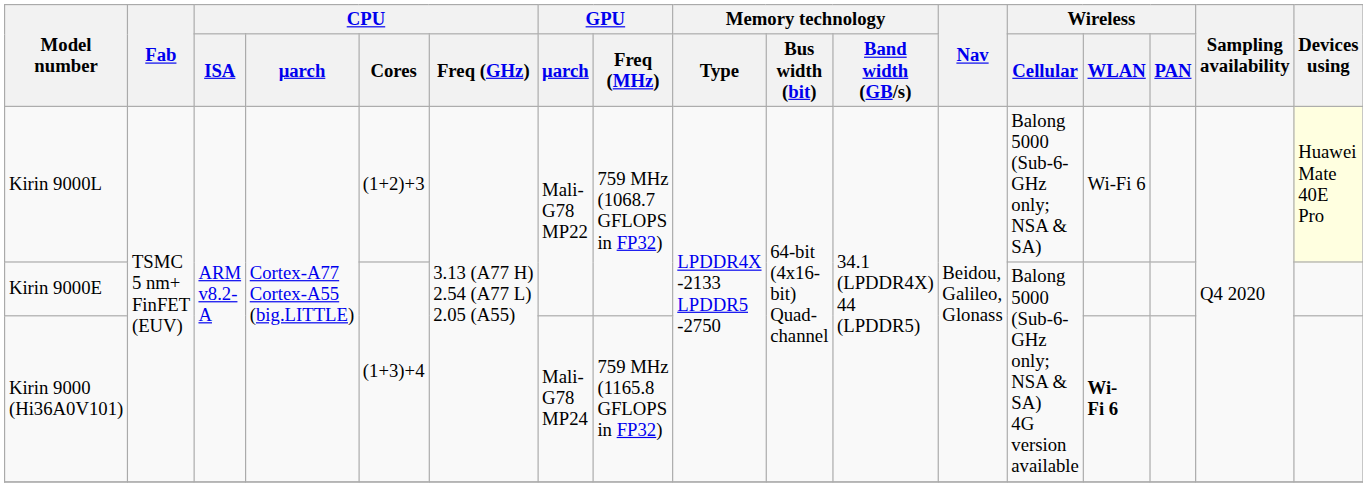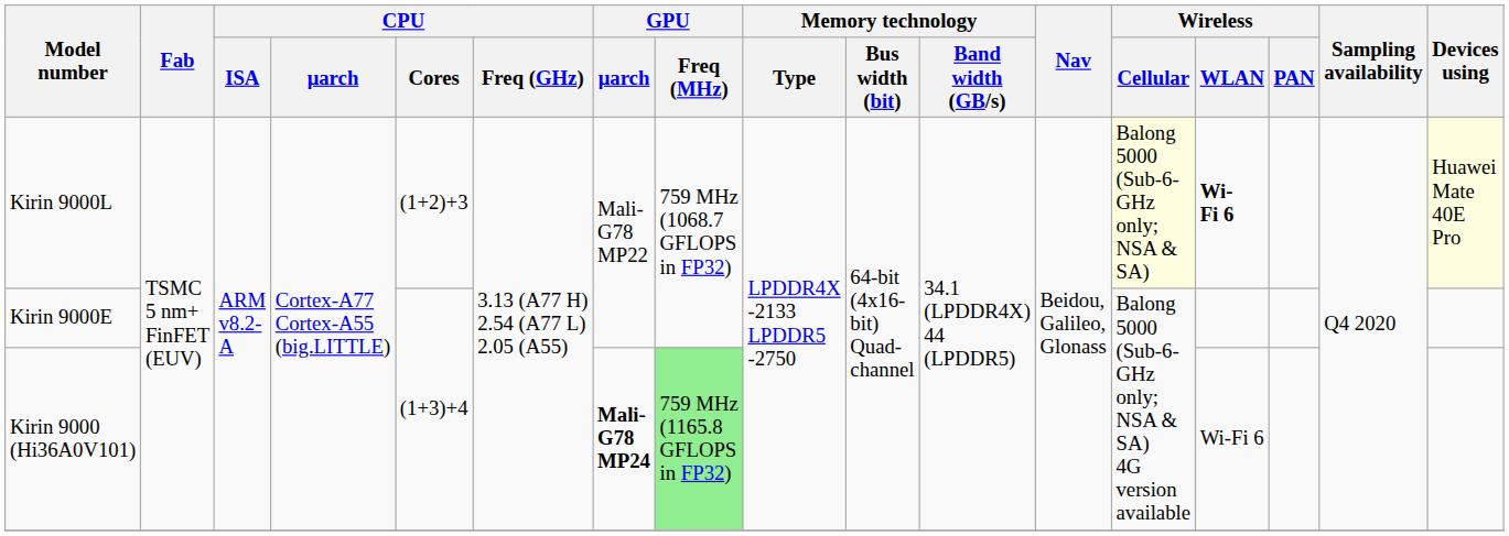 <table class="wikitable">
 <tr>
 <th rowspan="2">Model number</th>
 <th rowspan="2"><a href='#'>Fab</a></th>
 <th colspan="4"><a href='#'>CPU</a></th>
 <th colspan="2"><a href='#'>GPU</a></th>
 <th colspan="3">Memory technology</th>
 <th rowspan="2"><a href='#'>Nav</a></th>
 <th colspan="3">Wireless</th>
 <th rowspan="2">Sampling <br>availability</th>
 <th rowspan="2">Devices using</th>
 </tr>
 <tr>
 <th><a href='#'>ISA</a></th>
 <th><a href='#'>μarch</a></th>
 <th>Cores</th>
 <th>Freq (<a href='#'>GHz</a>)</th>
 <th><a href='#'>μarch</a></th>
 <th>Freq <br>(<a href='#'>MHz</a>)</th>
 <th>Type</th>
 <th>Bus <br>width <br>(<a href='#'>bit</a>)</th>
 <th><a href='#'>Band<br>width</a> <br>(<a href='#'>GB</a>/s)</th>
 <th><a href='#'>Cellular</a></th>
 <th><a href='#'>WLAN</a></th>
 <th><a href='#'>PAN</a></th>
 </tr>
 <tr>
 <td>Kirin 9000L</td>
 <td rowspan="3">TSMC 5 nm+ <br>FinFET (EUV)</td>
 <td rowspan="3"><a href='#'>ARM v8.2-A</a></td>
 <td rowspan="3"><a href='#'>Cortex-A77</a> <br><a href='#'>Cortex-A55</a> <br>(<a href='#'>big.LITTLE</a>)</td>
 <td>(1+2)+3</td>
 <td rowspan="3">3.13 (A77 H)<br>2.54 (A77 L)<br>2.05 (A55)</td>
 <td rowspan="2">Mali-G78 MP22</td>
 <td rowspan="2">759 MHz <br>(1068.7 GFLOPS in <a href='#'>FP32</a>)</td>
 <td rowspan="3"><a href='#'>LPDDR4X</a><br>-2133 <br><a href='#'>LPDDR5</a><br>-2750</td>
 <td rowspan="3">64-bit (4x16-bit) <br>Quad-channel</td>
 <td rowspan="3">34.1 (LPDDR4X)<br>44 (LPDDR5)</td>
 <td rowspan="3">Beidou, Galileo, Glonass</td>
-<td>Balong 5000 (Sub-6-GHz only; NSA & SA)</td>
-<td>Wi-Fi 6</td>
+<td style="background: lightyellow;">Balong 5000 (Sub-6-GHz only; NSA & SA)</td>
+<td><strong>Wi-Fi 6</strong></td>
 <td></td>
 <td rowspan="3">Q4 2020</td>
 <td style="background: lightyellow;">Huawei Mate 40E Pro</td>
 </tr>
 <tr>
 <td>Kirin 9000E</td>
 <td rowspan="2">(1+3)+4</td>
 <td rowspan="2">Balong 5000 (Sub-6-GHz only; NSA & SA)<br>4G version available</td>
 <td></td>
 <td></td>
 <td></td>
 </tr>
 <tr>
 <td>Kirin 9000<br>(Hi36A0V101)</td>
-<td>Mali-G78 MP24</td>
-<td>759 MHz <br>(1165.8 GFLOPS in <a href='#'>FP32</a>)</td>
-<td><strong>Wi-Fi 6</strong></td>
+<td><strong>Mali-G78 MP24</strong></td>
+<td style="background: lightgreen;">759 MHz <br>(1165.8 GFLOPS in <a href='#'>FP32</a>)</td>
+<td>Wi-Fi 6</td>
 <td></td>
 <td><br></td>
 </tr>
 <tr>
 </tr>
 </table>
